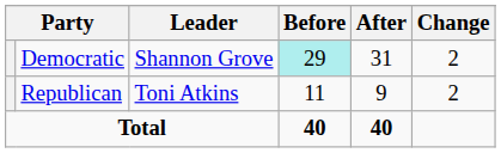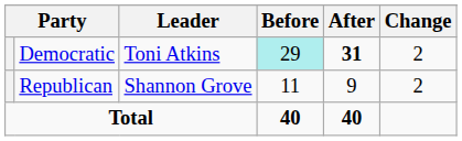 <table class="wikitable" style="text-align:center;">
 <tr>
 </tr>
 <tr>
 <th colspan=2>Party</th>
 <th>Leader</th>
 <th>Before</th>
 <th>After</th>
 <th>Change</th>
 </tr>
 <tr>
 <th style="background-color:"></th>
 <td style="text-align:left;"><a href='#'>Democratic</a></td>
-<td style="text-align:left;"><a href='#'>Shannon Grove</a></td>
+<td style="text-align:left;"><a href='#'>Toni Atkins</a></td>
 <td style="background: paleturquoise;">29</td>
-<td>31</td>
+<td><strong>31</strong></td>
 <td> 2</td>
 </tr>
 <tr>
 <th style="background-color:"></th>
 <td style="text-align:left;"><a href='#'>Republican</a></td>
-<td style="text-align:left;"><a href='#'>Toni Atkins</a></td>
+<td style="text-align:left;"><a href='#'>Shannon Grove</a></td>
 <td>11</td>
 <td>9</td>
 <td> 2</td>
 </tr>
 <tr>
 <td colspan=3><strong>Total</strong></td>
 <td><strong>40</strong></td>
 <td><strong>40</strong></td>
 <td></td>
 </tr>
 </table>
